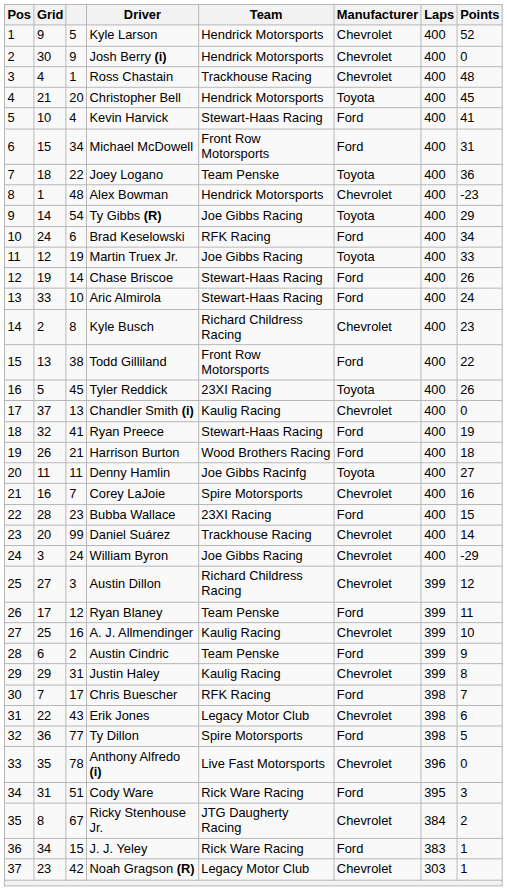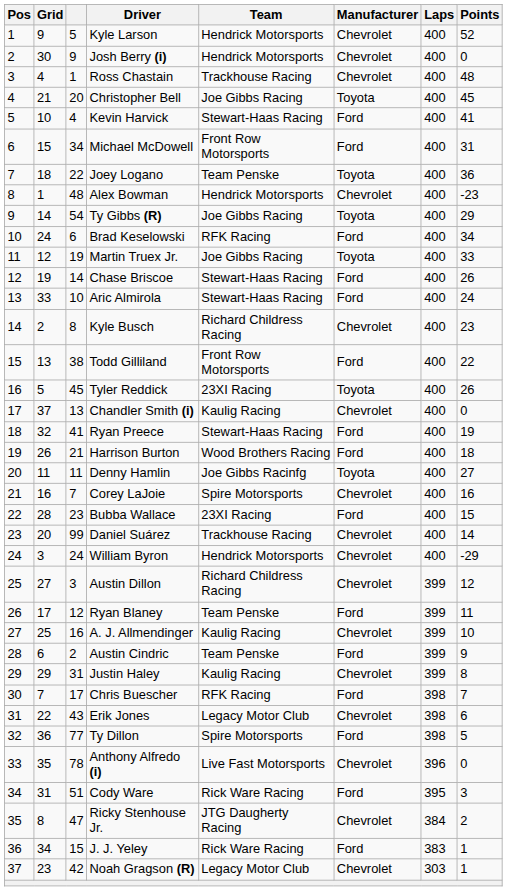 <table class="wikitable" style="font-size:98%">
 <tr>
 <th>Pos</th>
 <th>Grid</th>
 <th></th>
 <th>Driver</th>
 <th>Team</th>
 <th>Manufacturer</th>
 <th>Laps</th>
 <th>Points</th>
 </tr>
 <tr>
 <td>1</td>
 <td>9</td>
 <td>5</td>
 <td>Kyle Larson</td>
 <td>Hendrick Motorsports</td>
 <td>Chevrolet</td>
 <td>400</td>
 <td>52</td>
 </tr>
 <tr>
 <td>2</td>
 <td>30</td>
 <td>9</td>
 <td>Josh Berry <strong>(i)</strong></td>
 <td>Hendrick Motorsports</td>
 <td>Chevrolet</td>
 <td>400</td>
 <td>0</td>
 </tr>
 <tr>
 <td>3</td>
 <td>4</td>
 <td>1</td>
 <td>Ross Chastain</td>
 <td>Trackhouse Racing</td>
 <td>Chevrolet</td>
 <td>400</td>
 <td>48</td>
 </tr>
 <tr>
 <td>4</td>
 <td>21</td>
 <td>20</td>
 <td>Christopher Bell</td>
-<td>Hendrick Motorsports</td>
+<td>Joe Gibbs Racing</td>
 <td>Toyota</td>
 <td>400</td>
 <td>45</td>
 </tr>
 <tr>
 <td>5</td>
 <td>10</td>
 <td>4</td>
 <td>Kevin Harvick</td>
 <td>Stewart-Haas Racing</td>
 <td>Ford</td>
 <td>400</td>
 <td>41</td>
 </tr>
 <tr>
 <td>6</td>
 <td>15</td>
 <td>34</td>
 <td>Michael McDowell</td>
 <td>Front Row Motorsports</td>
 <td>Ford</td>
 <td>400</td>
 <td>31</td>
 </tr>
 <tr>
 <td>7</td>
 <td>18</td>
 <td>22</td>
 <td>Joey Logano</td>
 <td>Team Penske</td>
 <td>Toyota</td>
 <td>400</td>
 <td>36</td>
 </tr>
 <tr>
 <td>8</td>
 <td>1</td>
 <td>48</td>
 <td>Alex Bowman </td>
 <td>Hendrick Motorsports</td>
 <td>Chevrolet</td>
 <td>400</td>
 <td>-23</td>
 </tr>
 <tr>
 <td>9</td>
 <td>14</td>
 <td>54</td>
 <td>Ty Gibbs <strong>(R)</strong></td>
 <td>Joe Gibbs Racing</td>
 <td>Toyota</td>
 <td>400</td>
 <td>29</td>
 </tr>
 <tr>
 <td>10</td>
 <td>24</td>
 <td>6</td>
 <td>Brad Keselowski</td>
 <td>RFK Racing</td>
 <td>Ford</td>
 <td>400</td>
 <td>34</td>
 </tr>
 <tr>
 <td>11</td>
 <td>12</td>
 <td>19</td>
 <td>Martin Truex Jr.</td>
 <td>Joe Gibbs Racing</td>
 <td>Toyota</td>
 <td>400</td>
 <td>33</td>
 </tr>
 <tr>
 <td>12</td>
 <td>19</td>
 <td>14</td>
 <td>Chase Briscoe</td>
 <td>Stewart-Haas Racing</td>
 <td>Ford</td>
 <td>400</td>
 <td>26</td>
 </tr>
 <tr>
 <td>13</td>
 <td>33</td>
 <td>10</td>
 <td>Aric Almirola</td>
 <td>Stewart-Haas Racing</td>
 <td>Ford</td>
 <td>400</td>
 <td>24</td>
 </tr>
 <tr>
 <td>14</td>
 <td>2</td>
 <td>8</td>
 <td>Kyle Busch</td>
 <td>Richard Childress Racing</td>
 <td>Chevrolet</td>
 <td>400</td>
 <td>23</td>
 </tr>
 <tr>
 <td>15</td>
 <td>13</td>
 <td>38</td>
 <td>Todd Gilliland</td>
 <td>Front Row Motorsports</td>
 <td>Ford</td>
 <td>400</td>
 <td>22</td>
 </tr>
 <tr>
 <td>16</td>
 <td>5</td>
 <td>45</td>
 <td>Tyler Reddick</td>
 <td>23XI Racing</td>
 <td>Toyota</td>
 <td>400</td>
 <td>26</td>
 </tr>
 <tr>
 <td>17</td>
 <td>37</td>
 <td>13</td>
 <td>Chandler Smith <strong>(i)</strong></td>
 <td>Kaulig Racing</td>
 <td>Chevrolet</td>
 <td>400</td>
 <td>0</td>
 </tr>
 <tr>
 <td>18</td>
 <td>32</td>
 <td>41</td>
 <td>Ryan Preece</td>
 <td>Stewart-Haas Racing</td>
 <td>Ford</td>
 <td>400</td>
 <td>19</td>
 </tr>
 <tr>
 <td>19</td>
 <td>26</td>
 <td>21</td>
 <td>Harrison Burton</td>
 <td>Wood Brothers Racing</td>
 <td>Ford</td>
 <td>400</td>
 <td>18</td>
 </tr>
 <tr>
 <td>20</td>
 <td>11</td>
 <td>11</td>
 <td>Denny Hamlin</td>
 <td>Joe Gibbs Racinfg</td>
 <td>Toyota</td>
 <td>400</td>
 <td>27</td>
 </tr>
 <tr>
 <td>21</td>
 <td>16</td>
 <td>7</td>
 <td>Corey LaJoie</td>
 <td>Spire Motorsports</td>
 <td>Chevrolet</td>
 <td>400</td>
 <td>16</td>
 </tr>
 <tr>
 <td>22</td>
 <td>28</td>
 <td>23</td>
 <td>Bubba Wallace</td>
 <td>23XI Racing</td>
 <td>Ford</td>
 <td>400</td>
 <td>15</td>
 </tr>
 <tr>
 <td>23</td>
 <td>20</td>
 <td>99</td>
 <td>Daniel Suárez</td>
 <td>Trackhouse Racing</td>
 <td>Chevrolet</td>
 <td>400</td>
 <td>14</td>
 </tr>
 <tr>
 <td>24</td>
 <td>3</td>
 <td>24</td>
 <td>William Byron </td>
-<td>Joe Gibbs Racing</td>
+<td>Hendrick Motorsports</td>
 <td>Chevrolet</td>
 <td>400</td>
 <td>-29</td>
 </tr>
 <tr>
 <td>25</td>
 <td>27</td>
 <td>3</td>
 <td>Austin Dillon</td>
 <td>Richard Childress Racing</td>
 <td>Chevrolet</td>
 <td>399</td>
 <td>12</td>
 </tr>
 <tr>
 <td>26</td>
 <td>17</td>
 <td>12</td>
 <td>Ryan Blaney</td>
 <td>Team Penske</td>
 <td>Ford</td>
 <td>399</td>
 <td>11</td>
 </tr>
 <tr>
 <td>27</td>
 <td>25</td>
 <td>16</td>
 <td>A. J. Allmendinger</td>
 <td>Kaulig Racing</td>
 <td>Chevrolet</td>
 <td>399</td>
 <td>10</td>
 </tr>
 <tr>
 <td>28</td>
 <td>6</td>
 <td>2</td>
 <td>Austin Cindric</td>
 <td>Team Penske</td>
 <td>Ford</td>
 <td>399</td>
 <td>9</td>
 </tr>
 <tr>
 <td>29</td>
 <td>29</td>
 <td>31</td>
 <td>Justin Haley</td>
 <td>Kaulig Racing</td>
 <td>Chevrolet</td>
 <td>399</td>
 <td>8</td>
 </tr>
 <tr>
 <td>30</td>
 <td>7</td>
 <td>17</td>
 <td>Chris Buescher</td>
 <td>RFK Racing</td>
 <td>Ford</td>
 <td>398</td>
 <td>7</td>
 </tr>
 <tr>
 <td>31</td>
 <td>22</td>
 <td>43</td>
 <td>Erik Jones</td>
 <td>Legacy Motor Club</td>
 <td>Chevrolet</td>
 <td>398</td>
 <td>6</td>
 </tr>
 <tr>
 <td>32</td>
 <td>36</td>
 <td>77</td>
 <td>Ty Dillon</td>
 <td>Spire Motorsports</td>
 <td>Ford</td>
 <td>398</td>
 <td>5</td>
 </tr>
 <tr>
 <td>33</td>
 <td>35</td>
 <td>78</td>
 <td>Anthony Alfredo <strong>(i)</strong></td>
 <td>Live Fast Motorsports</td>
 <td>Chevrolet</td>
 <td>396</td>
 <td>0</td>
 </tr>
 <tr>
 <td>34</td>
 <td>31</td>
 <td>51</td>
 <td>Cody Ware</td>
 <td>Rick Ware Racing</td>
 <td>Ford</td>
 <td>395</td>
 <td>3</td>
 </tr>
 <tr>
 <td>35</td>
 <td>8</td>
-<td>67</td>
+<td>47</td>
 <td>Ricky Stenhouse Jr.</td>
 <td>JTG Daugherty Racing</td>
 <td>Chevrolet</td>
 <td>384</td>
 <td>2</td>
 </tr>
 <tr>
 <td>36</td>
 <td>34</td>
 <td>15</td>
 <td>J. J. Yeley</td>
 <td>Rick Ware Racing</td>
 <td>Ford</td>
 <td>383</td>
 <td>1</td>
 </tr>
 <tr>
 <td>37</td>
 <td>23</td>
 <td>42</td>
 <td>Noah Gragson <strong>(R)</strong></td>
 <td>Legacy Motor Club</td>
 <td>Chevrolet</td>
 <td>303</td>
 <td>1</td>
 </tr>
 <tr>
 <th colspan="8"></th>
 </tr>
 </table>
